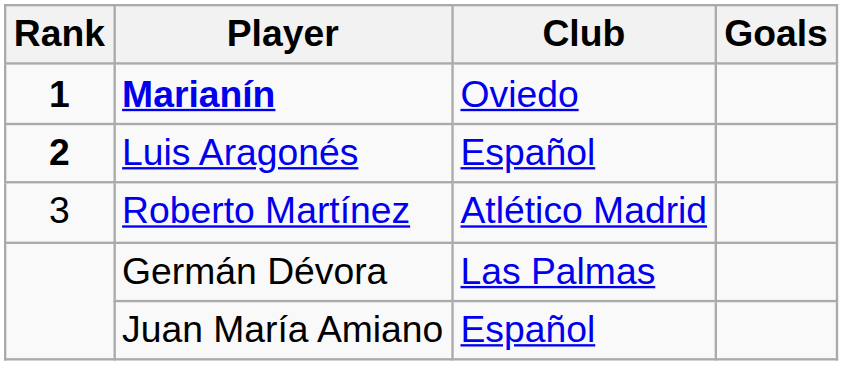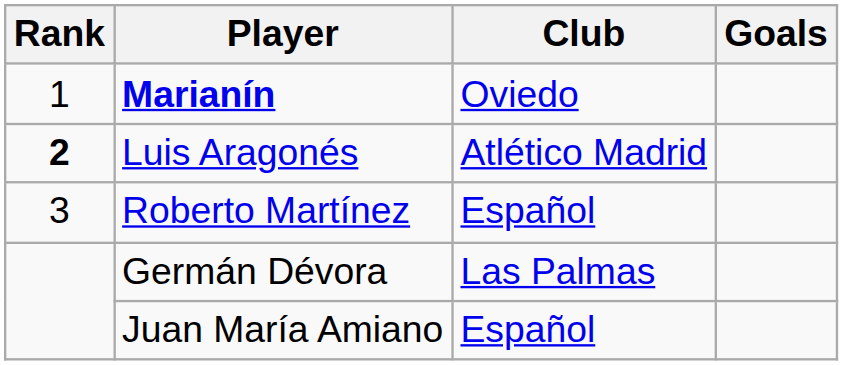 <table class="wikitable">
 <tr>
 <th>Rank</th>
 <th>Player</th>
 <th>Club</th>
 <th>Goals</th>
 </tr>
 <tr>
-<td align="center"><strong>1</strong></td>
+<td align="center">1</td>
 <td> <strong><a href='#'>Marianín</a></strong></td>
 <td><a href='#'>Oviedo</a></td>
 <td></td>
 </tr>
 <tr>
 <td align="center"><strong>2</strong></td>
 <td> <a href='#'>Luis Aragonés</a></td>
-<td><a href='#'>Español</a></td>
+<td><a href='#'>Atlético Madrid</a></td>
 <td></td>
 </tr>
 <tr>
 <td align="center">3</td>
 <td> <a href='#'>Roberto Martínez</a></td>
-<td><a href='#'>Atlético Madrid</a></td>
+<td><a href='#'>Español</a></td>
 <td></td>
 </tr>
 <tr>
 <td rowspan="3"></td>
 <td> Germán Dévora</td>
 <td><a href='#'>Las Palmas</a></td>
 <td></td>
 </tr>
 <tr>
 <td> Juan María Amiano</td>
 <td><a href='#'>Español</a></td>
 <td></td>
 </tr>
 </table>
